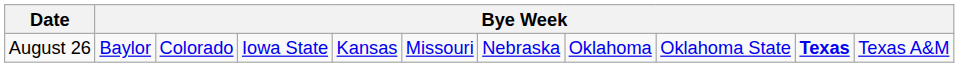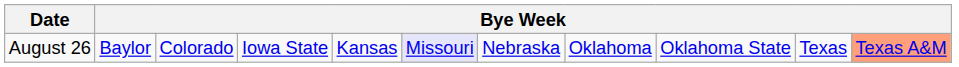 <table class="wikitable" style="font-size:95%">
 <tr>
 <th>Date</th>
 <th colspan="10">Bye Week</th>
 </tr>
 <tr>
 <td>August 26</td>
 <td><a href='#'>Baylor</a></td>
 <td><a href='#'>Colorado</a></td>
 <td><a href='#'>Iowa State</a></td>
 <td><a href='#'>Kansas</a></td>
-<td><a href='#'>Missouri</a></td>
+<td style="background: lavender;"><a href='#'>Missouri</a></td>
 <td><a href='#'>Nebraska</a></td>
 <td><a href='#'>Oklahoma</a></td>
 <td><a href='#'>Oklahoma State</a></td>
-<td><strong><a href='#'>Texas</a></strong></td>
-<td><a href='#'>Texas A&M</a></td>
+<td><a href='#'>Texas</a></td>
+<td style="background: lightsalmon;"><a href='#'>Texas A&M</a></td>
 </tr>
 </table>
